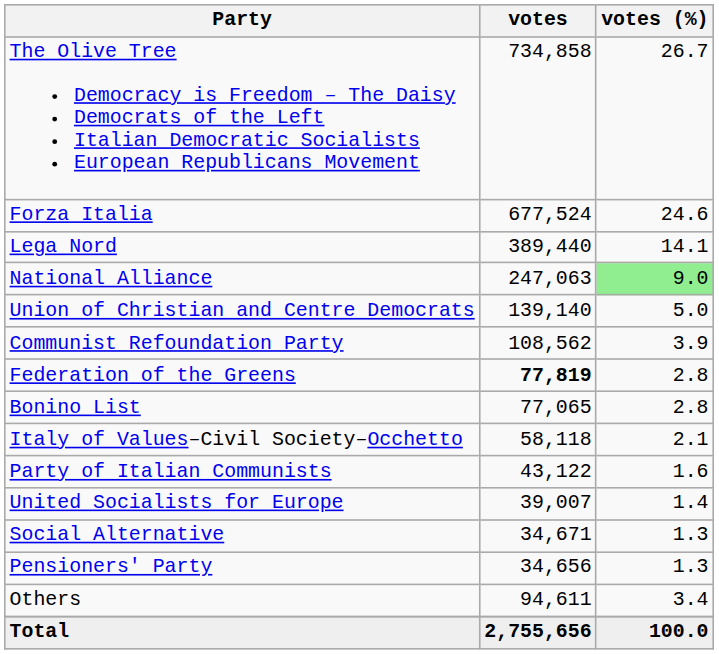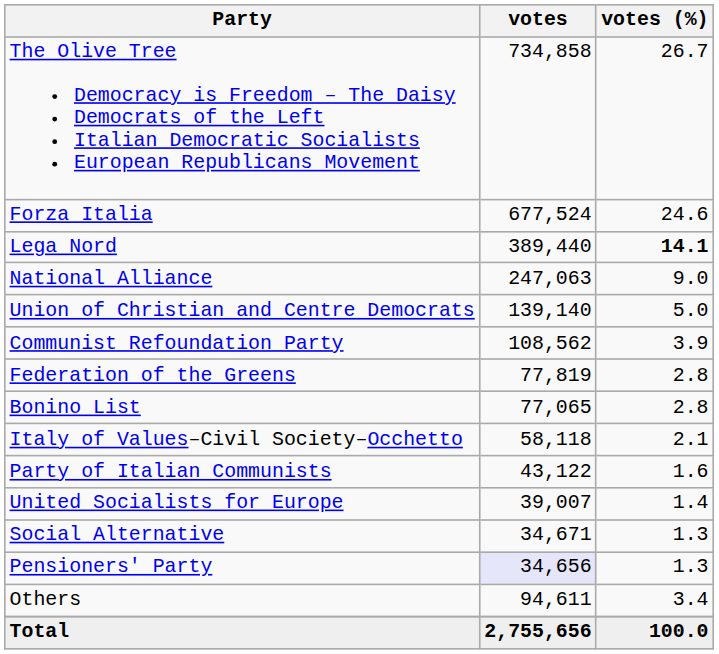 <table class="wikitable" style="font-size:95%">
 <tr bgcolor="EFEFEF">
 <th>Party</th>
 <th>votes</th>
 <th>votes (%)</th>
 </tr>
 <tr>
 <td><a href='#'>The Olive Tree</a><br><ul><li><a href='#'>Democracy is Freedom – The Daisy</a></li><li><a href='#'>Democrats of the Left</a></li><li><a href='#'>Italian Democratic Socialists</a></li><li><a href='#'>European Republicans Movement</a></li></ul></td>
 <td align=right valign=top>734,858</td>
 <td align=right valign=top>26.7</td>
 </tr>
 <tr>
 <td><a href='#'>Forza Italia</a></td>
 <td align=right>677,524</td>
 <td align=right>24.6</td>
 </tr>
 <tr>
 <td><a href='#'>Lega Nord</a></td>
 <td align=right>389,440</td>
-<td align=right>14.1</td>
+<td align=right><strong>14.1</strong></td>
 </tr>
 <tr>
 <td><a href='#'>National Alliance</a></td>
 <td align=right>247,063</td>
-<td align=right style="background: lightgreen;">9.0</td>
+<td align=right>9.0</td>
 </tr>
 <tr>
 <td><a href='#'>Union of Christian and Centre Democrats</a></td>
 <td align=right>139,140</td>
 <td align=right>5.0</td>
 </tr>
 <tr>
 <td><a href='#'>Communist Refoundation Party</a></td>
 <td align=right>108,562</td>
 <td align=right>3.9</td>
 </tr>
 <tr>
 <td><a href='#'>Federation of the Greens</a></td>
-<td align=right><strong>77,819</strong></td>
+<td align=right>77,819</td>
 <td align=right>2.8</td>
 </tr>
 <tr>
 <td><a href='#'>Bonino List</a></td>
 <td align=right>77,065</td>
 <td align=right>2.8</td>
 </tr>
 <tr>
 <td><a href='#'>Italy of Values</a>–Civil Society–<a href='#'>Occhetto</a></td>
 <td align=right>58,118</td>
 <td align=right>2.1</td>
 </tr>
 <tr>
 <td><a href='#'>Party of Italian Communists</a></td>
 <td align=right>43,122</td>
 <td align=right>1.6</td>
 </tr>
 <tr>
 <td><a href='#'>United Socialists for Europe</a></td>
 <td align=right>39,007</td>
 <td align=right>1.4</td>
 </tr>
 <tr>
 <td><a href='#'>Social Alternative</a></td>
 <td align=right>34,671</td>
 <td align=right>1.3</td>
 </tr>
 <tr>
 <td><a href='#'>Pensioners' Party</a></td>
-<td align=right>34,656</td>
+<td align=right style="background: lavender;">34,656</td>
 <td align=right>1.3</td>
 </tr>
 <tr>
 <td>Others</td>
 <td align=right>94,611</td>
 <td align=right>3.4</td>
 </tr>
 <tr>
 </tr>
 <tr bgcolor="EFEFEF">
 <td><strong>Total</strong></td>
 <td align=right><strong>2,755,656</strong></td>
 <td align=right><strong>100.0</strong></td>
 </tr>
 </table>
